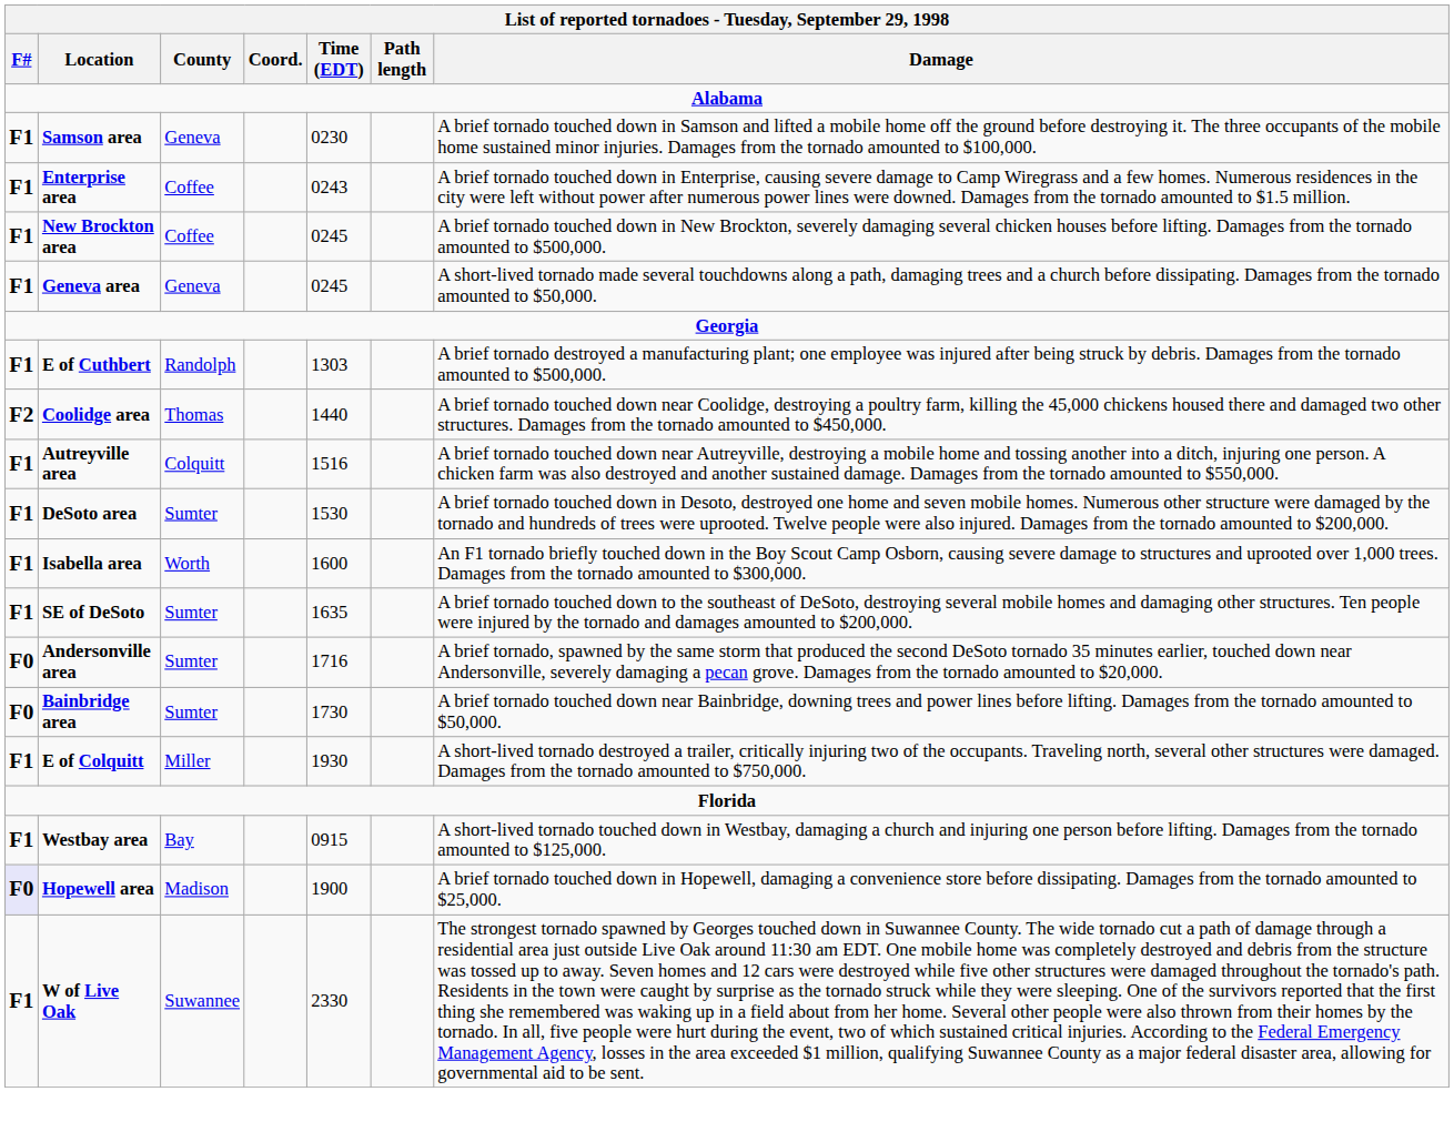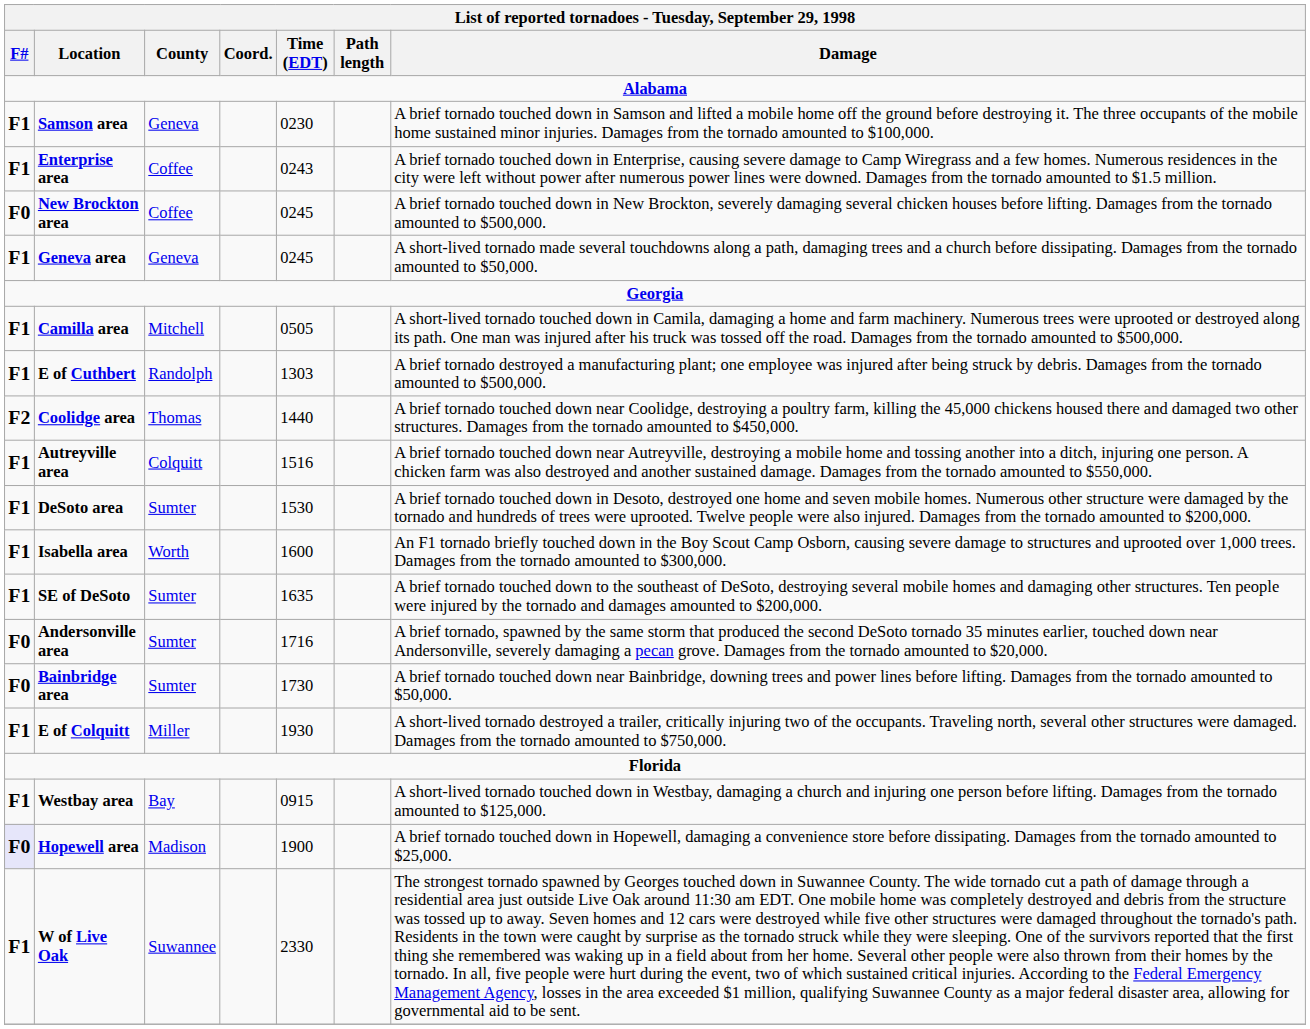 <table class="wikitable collapsible" width="100%">
 <tr>
 <th colspan="7">List of reported tornadoes - Tuesday, September 29, 1998</th>
 </tr>
 <tr>
 <th><a href='#'>F#</a></th>
 <th>Location</th>
 <th>County</th>
 <th>Coord.</th>
 <th>Time (<a href='#'>EDT</a>)</th>
 <th>Path length</th>
 <th>Damage</th>
 </tr>
 <tr>
 <td colspan="7" align=center><strong><a href='#'>Alabama</a></strong></td>
 </tr>
 <tr>
 <td><big><strong>F1</strong></big></td>
 <td><strong><a href='#'>Samson</a> area</strong></td>
 <td><a href='#'>Geneva</a></td>
 <td></td>
 <td>0230</td>
 <td></td>
 <td>A brief tornado touched down in Samson and lifted a mobile home  off the ground before destroying it. The three occupants of the mobile home sustained minor injuries. Damages from the tornado amounted to $100,000.</td>
 </tr>
 <tr>
 <td><big><strong>F1</strong></big></td>
 <td><strong><a href='#'>Enterprise</a> area</strong></td>
 <td><a href='#'>Coffee</a></td>
 <td></td>
 <td>0243</td>
 <td></td>
 <td>A brief tornado touched down in Enterprise, causing severe damage to Camp Wiregrass and a few homes. Numerous residences in the city were left without power after numerous power lines were downed. Damages from the tornado amounted to $1.5 million.</td>
 </tr>
 <tr>
-<td><big><strong>F1</strong></big></td>
+<td><big><strong>F0</strong></big></td>
 <td><strong><a href='#'>New Brockton</a> area</strong></td>
 <td><a href='#'>Coffee</a></td>
 <td></td>
 <td>0245</td>
 <td></td>
 <td>A brief tornado touched down in New Brockton, severely damaging several chicken houses before lifting. Damages from the tornado amounted to $500,000.</td>
 </tr>
 <tr>
 <td><big><strong>F1</strong></big></td>
 <td><strong><a href='#'>Geneva</a> area</strong></td>
 <td><a href='#'>Geneva</a></td>
 <td></td>
 <td>0245</td>
 <td></td>
 <td>A short-lived tornado made several touchdowns along a  path, damaging trees and a church before dissipating. Damages from the tornado amounted to $50,000.</td>
 </tr>
 <tr>
 <td colspan="7" align=center><strong><a href='#'>Georgia</a></strong></td>
+</tr>
+<tr>
+<td><big><strong>F1</strong></big></td>
+<td><strong><a href='#'>Camilla</a> area</strong></td>
+<td><a href='#'>Mitchell</a></td>
+<td></td>
+<td>0505</td>
+<td></td>
+<td>A short-lived tornado touched down in Camila, damaging a home and farm machinery. Numerous trees were uprooted or destroyed along its path. One man was injured after his truck was tossed off the road. Damages from the tornado amounted to $500,000.</td>
 </tr>
 <tr>
 <td><big><strong>F1</strong></big></td>
 <td><strong>E of <a href='#'>Cuthbert</a></strong></td>
 <td><a href='#'>Randolph</a></td>
 <td></td>
 <td>1303</td>
 <td></td>
 <td>A brief tornado destroyed a manufacturing plant; one employee was injured after being struck by debris. Damages from the tornado amounted to $500,000.</td>
 </tr>
 <tr>
 <td><big><strong>F2</strong></big></td>
 <td><strong><a href='#'>Coolidge</a> area</strong></td>
 <td><a href='#'>Thomas</a></td>
 <td></td>
 <td>1440</td>
 <td></td>
 <td>A brief tornado touched down near Coolidge, destroying a poultry farm, killing the 45,000 chickens housed there and damaged two other structures. Damages from the tornado amounted to $450,000.</td>
 </tr>
 <tr>
 <td><big><strong>F1</strong></big></td>
 <td><strong>Autreyville area</strong></td>
 <td><a href='#'>Colquitt</a></td>
 <td></td>
 <td>1516</td>
 <td></td>
 <td>A brief tornado touched down near Autreyville, destroying a mobile home and tossing another into a ditch, injuring one person. A chicken farm was also destroyed and another sustained damage. Damages from the tornado amounted to $550,000.</td>
 </tr>
 <tr>
 <td><big><strong>F1</strong></big></td>
 <td><strong>DeSoto area</strong></td>
 <td><a href='#'>Sumter</a></td>
 <td></td>
 <td>1530</td>
 <td></td>
 <td>A brief tornado touched down in Desoto, destroyed one home and seven mobile homes. Numerous other structure were damaged by the tornado and hundreds of trees were uprooted. Twelve people were also injured. Damages from the tornado amounted to $200,000.</td>
 </tr>
 <tr>
 <td><big><strong>F1</strong></big></td>
 <td><strong>Isabella area</strong></td>
 <td><a href='#'>Worth</a></td>
 <td></td>
 <td>1600</td>
 <td></td>
 <td>An F1 tornado briefly touched down in the Boy Scout Camp Osborn, causing severe damage to structures and uprooted over 1,000 trees. Damages from the tornado amounted to $300,000.</td>
 </tr>
 <tr>
 <td><big><strong>F1</strong></big></td>
 <td><strong>SE of DeSoto</strong></td>
 <td><a href='#'>Sumter</a></td>
 <td></td>
 <td>1635</td>
 <td></td>
 <td>A brief tornado touched down to the southeast of DeSoto, destroying several mobile homes and damaging other structures. Ten people were injured by the tornado and damages amounted to $200,000.</td>
 </tr>
 <tr>
 <td><big><strong>F0</strong></big></td>
 <td><strong>Andersonville area</strong></td>
 <td><a href='#'>Sumter</a></td>
 <td></td>
 <td>1716</td>
 <td></td>
 <td>A brief tornado, spawned by the same storm that produced the second DeSoto tornado 35 minutes earlier, touched down near Andersonville, severely damaging a <a href='#'>pecan</a> grove. Damages from the tornado amounted to $20,000.</td>
 </tr>
 <tr>
 <td><big><strong>F0</strong></big></td>
 <td><strong><a href='#'>Bainbridge</a> area</strong></td>
 <td><a href='#'>Sumter</a></td>
 <td></td>
 <td>1730</td>
 <td></td>
 <td>A brief tornado touched down near Bainbridge, downing trees and power lines before lifting. Damages from the tornado amounted to $50,000.</td>
 </tr>
 <tr>
 <td><big><strong>F1</strong></big></td>
 <td><strong>E of <a href='#'>Colquitt</a></strong></td>
 <td><a href='#'>Miller</a></td>
 <td></td>
 <td>1930</td>
 <td></td>
 <td>A short-lived tornado destroyed a trailer, critically injuring two of the occupants. Traveling north, several other structures were damaged. Damages from the tornado amounted to $750,000.</td>
 </tr>
 <tr>
 <td colspan="7" align=center><strong>Florida</strong></td>
 </tr>
 <tr>
 <td><big><strong>F1</strong></big></td>
 <td><strong>Westbay area</strong></td>
 <td><a href='#'>Bay</a></td>
 <td></td>
 <td>0915</td>
 <td></td>
 <td>A short-lived tornado touched down in Westbay, damaging a church and injuring one person before lifting. Damages from the tornado amounted to $125,000.</td>
 </tr>
 <tr>
 <td style="background: lavender;"><big><strong>F0</strong></big></td>
 <td><strong><a href='#'>Hopewell</a> area</strong></td>
 <td><a href='#'>Madison</a></td>
 <td></td>
 <td>1900</td>
 <td></td>
 <td>A brief tornado touched down in Hopewell, damaging a convenience store before dissipating. Damages from the tornado amounted to $25,000.</td>
 </tr>
 <tr>
 <td><big><strong>F1</strong></big></td>
 <td><strong>W of <a href='#'>Live Oak</a></strong></td>
 <td><a href='#'>Suwannee</a></td>
 <td></td>
 <td>2330</td>
 <td></td>
 <td>The strongest tornado spawned by Georges touched down in Suwannee County. The  wide tornado cut a path of damage through a residential area just outside Live Oak around 11:30 am EDT. One mobile home was completely destroyed and debris from the structure was tossed up to  away. Seven homes and 12 cars were destroyed while five other structures were damaged throughout the tornado's path. Residents in the town were caught by surprise as the tornado struck while they were sleeping. One of the survivors reported that the first thing she remembered was waking up in a field about  from her home. Several other people were also thrown from their homes by the tornado. In all, five people were hurt during the event, two of which sustained critical injuries. According to the <a href='#'>Federal Emergency Management Agency</a>, losses in the area exceeded $1 million, qualifying Suwannee County as a major federal disaster area, allowing for governmental aid to be sent.</td>
 </tr>
 <tr>
 </tr>
 </table>
